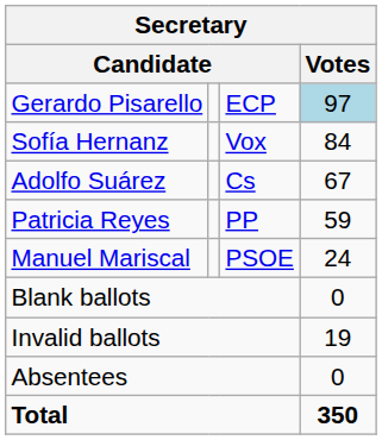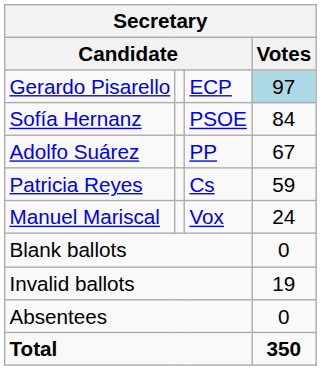 <table class="wikitable" style="font-size:95%; text-align:center;">
 <tr>
 <th colspan="4">Secretary</th>
 </tr>
 <tr>
 <th colspan="3">Candidate</th>
 <th>Votes</th>
 </tr>
 <tr>
 <td align="left"> <a href='#'>Gerardo Pisarello</a></td>
 <td style="background:"></td>
 <td align="left"><a href='#'>ECP</a></td>
 <td style="background: lightblue;">97</td>
 </tr>
 <tr>
 <td align="left"> <a href='#'>Sofía Hernanz</a></td>
 <td style="background:"></td>
-<td align="left"><a href='#'>Vox</a></td>
+<td align="left"><a href='#'>PSOE</a></td>
 <td>84</td>
 </tr>
 <tr>
 <td align="left"> <a href='#'>Adolfo Suárez</a></td>
 <td style="background:"></td>
-<td align="left"><a href='#'>Cs</a></td>
+<td align="left"><a href='#'>PP</a></td>
 <td>67</td>
 </tr>
 <tr>
 <td align="left"> <a href='#'>Patricia Reyes</a></td>
 <td style="background:"></td>
-<td align="left"><a href='#'>PP</a></td>
+<td align="left"><a href='#'>Cs</a></td>
 <td>59</td>
 </tr>
 <tr>
 <td align="left"> <a href='#'>Manuel Mariscal</a></td>
 <td style="background:"></td>
-<td align="left"><a href='#'>PSOE</a></td>
+<td align="left"><a href='#'>Vox</a></td>
 <td>24</td>
 </tr>
 <tr>
 <td align=left colspan="3">Blank ballots</td>
 <td>0</td>
 </tr>
 <tr>
 <td align=left colspan="3">Invalid ballots</td>
 <td>19</td>
 </tr>
 <tr>
 <td align=left colspan="3">Absentees</td>
 <td>0</td>
 </tr>
 <tr style="font-weight:bold">
 <td align=left colspan="3">Total</td>
 <td>350</td>
 </tr>
 </table>
